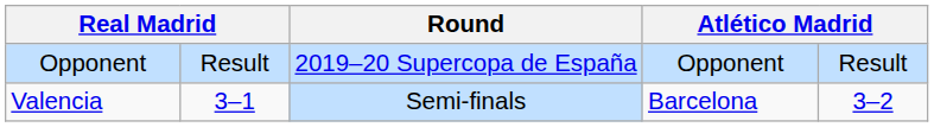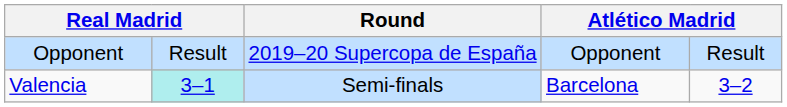 <table class="wikitable" style="text-align:center; white-space:nowrap;">
 <tr>
 <th colspan="2"><a href='#'>Real Madrid</a></th>
 <th>Round</th>
 <th colspan="2"><a href='#'>Atlético Madrid</a></th>
 </tr>
 <tr style="background:#C1E0FF;">
 <td style="width:25%;">Opponent</td>
 <td style="width:15%;">Result</td>
 <td><a href='#'>2019–20 Supercopa de España</a></td>
 <td style="width:25%;">Opponent</td>
 <td style="width:15%;">Result</td>
 </tr>
 <tr>
 <td style="text-align:left;"><a href='#'>Valencia</a></td>
-<td><a href='#'>3–1</a></td>
+<td style="background: paleturquoise;"><a href='#'>3–1</a></td>
 <td style="background:#C1E0FF;">Semi-finals</td>
 <td style="text-align:left;"><a href='#'>Barcelona</a></td>
 <td><a href='#'>3–2</a></td>
 </tr>
 </table>
